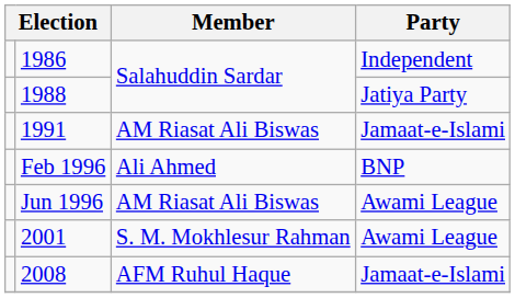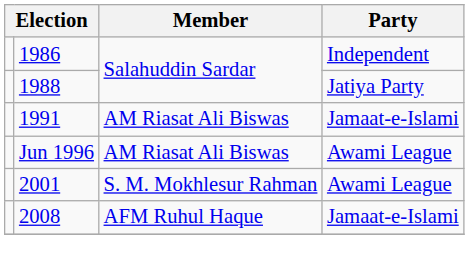 <table class="wikitable">
 <tr>
 <th colspan="2">Election</th>
 <th>Member</th>
 <th>Party</th>
 </tr>
 <tr>
 <td style="background-color:"></td>
 <td><a href='#'>1986</a></td>
 <td rowspan="2"><a href='#'>Salahuddin Sardar</a></td>
 <td><a href='#'>Independent</a></td>
 </tr>
 <tr>
 <td style="background-color:"></td>
 <td><a href='#'>1988</a></td>
 <td><a href='#'>Jatiya Party</a></td>
 </tr>
 <tr>
 <td style="background-color:"></td>
 <td><a href='#'>1991</a></td>
 <td><a href='#'>AM Riasat Ali Biswas</a></td>
 <td><a href='#'>Jamaat-e-Islami</a></td>
 </tr>
 <tr>
 <td style="background-color:"></td>
-<td><a href='#'>Feb 1996</a></td>
-<td><a href='#'>Ali Ahmed</a></td>
-<td><a href='#'>BNP</a></td>
-</tr>
-<tr>
-<td style="background-color:"></td>
 <td><a href='#'>Jun 1996</a></td>
 <td><a href='#'>AM Riasat Ali Biswas</a></td>
 <td><a href='#'>Awami League</a></td>
 </tr>
 <tr>
 <td style="background-color:"></td>
 <td><a href='#'>2001</a></td>
 <td><a href='#'>S. M. Mokhlesur Rahman</a></td>
 <td><a href='#'>Awami League</a></td>
 </tr>
 <tr>
 <td style="background-color:"></td>
 <td><a href='#'>2008</a></td>
 <td><a href='#'>AFM Ruhul Haque</a></td>
 <td><a href='#'>Jamaat-e-Islami</a></td>
 </tr>
 <tr>
 </tr>
 </table>
